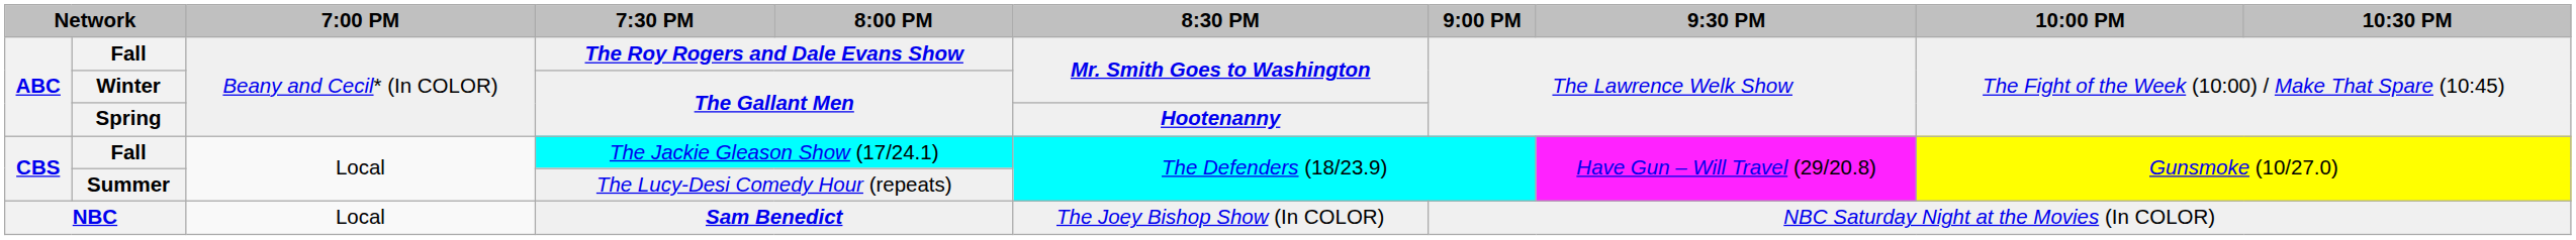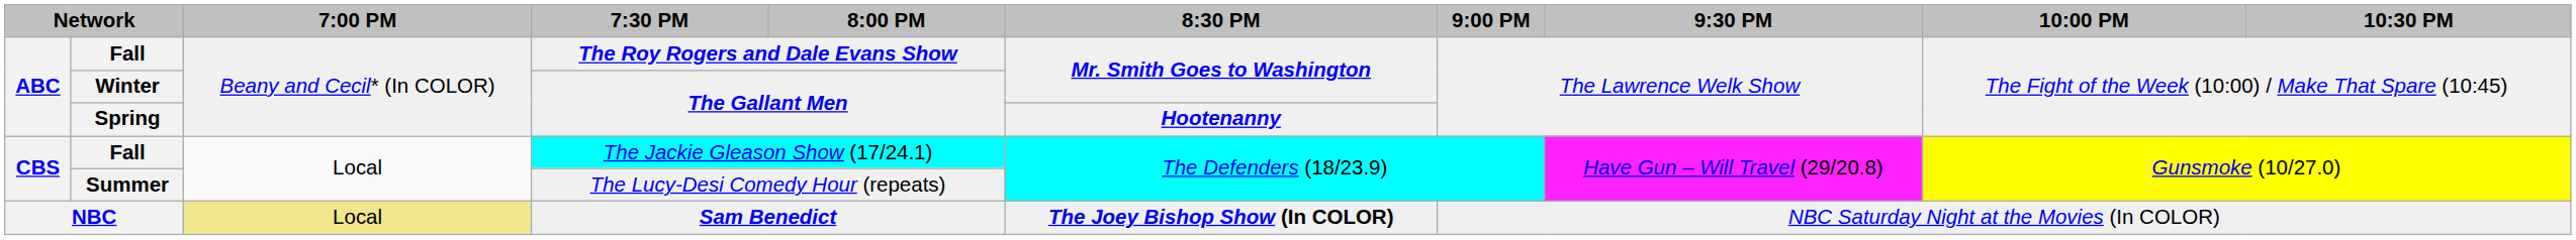 <table class="wikitable" style="width:100%;margin-right:0;text-align:center">
 <tr>
 <th colspan="2" style="background-color:#C0C0C0;text-align:center">Network</th>
 <th style="background-color:#C0C0C0;text-align:center">7:00 PM</th>
 <th style="background-color:#C0C0C0;text-align:center">7:30 PM</th>
 <th style="background-color:#C0C0C0;text-align:center">8:00 PM</th>
 <th style="background-color:#C0C0C0;text-align:center">8:30 PM</th>
 <th style="background-color:#C0C0C0;text-align:center">9:00 PM</th>
 <th style="background-color:#C0C0C0;text-align:center">9:30 PM</th>
 <th style="background-color:#C0C0C0;text-align:center">10:00 PM</th>
 <th style="background-color:#C0C0C0;text-align:center">10:30 PM</th>
 </tr>
 <tr>
 <th rowspan="3"><a href='#'>ABC</a></th>
 <th>Fall</th>
 <td bgcolor="#F0F0F0" rowspan="3"><em><a href='#'>Beany and Cecil</a></em>* (In <span>C</span><span>O</span><span>L</span><span>O</span><span>R</span>)</td>
 <td bgcolor="#F0F0F0" colspan="2"><strong><em><a href='#'>The Roy Rogers and Dale Evans Show</a></em></strong></td>
 <td bgcolor="#F0F0F0" rowspan="2"><strong><em><a href='#'>Mr. Smith Goes to Washington</a></em></strong></td>
 <td bgcolor="#F0F0F0" colspan="2" rowspan="3"><em><a href='#'>The Lawrence Welk Show</a></em></td>
 <td bgcolor="#F0F0F0" colspan="2" rowspan="3"><em><a href='#'>The Fight of the Week</a></em> (10:00) / <em><a href='#'>Make That Spare</a></em> (10:45)</td>
 </tr>
 <tr>
 <th>Winter</th>
 <td bgcolor="#F0F0F0" colspan="2" rowspan="2"><strong><em><a href='#'>The Gallant Men</a></em></strong></td>
 </tr>
 <tr>
 <th>Spring</th>
 <td bgcolor="#F0F0F0"><strong><em><a href='#'>Hootenanny</a></em></strong></td>
 </tr>
 <tr>
 <th rowspan="2"><a href='#'>CBS</a></th>
 <th>Fall</th>
 <td rowspan=2>Local</td>
 <td bgcolor="#00FFFF" colspan=2><em><a href='#'>The Jackie Gleason Show</a></em> (17/24.1)</td>
 <td bgcolor="#00FFFF" colspan="2" rowspan="2"><em><a href='#'>The Defenders</a></em> (18/23.9)</td>
 <td bgcolor="#FF22FF" rowspan="2"><em><a href='#'>Have Gun – Will Travel</a></em> (29/20.8)</td>
 <td bgcolor="#FFFF00" colspan="2" rowspan="2"><em><a href='#'>Gunsmoke</a></em> (10/27.0)</td>
 </tr>
 <tr>
 <th>Summer</th>
 <td bgcolor="#F0F0F0" colspan="2"><em><a href='#'>The Lucy-Desi Comedy Hour</a></em> (repeats)</td>
 </tr>
 <tr>
 <th colspan="2"><a href='#'>NBC</a></th>
-<td>Local</td>
+<td style="background: khaki;">Local</td>
 <td bgcolor="#F0F0F0" colspan=2><strong><em><a href='#'>Sam Benedict</a></em></strong></td>
-<td bgcolor="#F0F0F0"><em><a href='#'>The Joey Bishop Show</a></em> (In <span>C</span><span>O</span><span>L</span><span>O</span><span>R</span>)</td>
+<td bgcolor="#F0F0F0"><strong><em><a href='#'>The Joey Bishop Show</a></em> (In <span>C</span><span>O</span><span>L</span><span>O</span><span>R</span>)</strong></td>
 <td bgcolor="#F0F0F0" colspan=4><em><a href='#'>NBC Saturday Night at the Movies</a></em> (In <span>C</span><span>O</span><span>L</span><span>O</span><span>R</span>)</td>
 </tr>
 </table>
